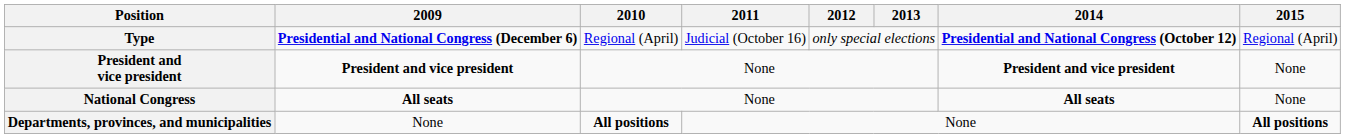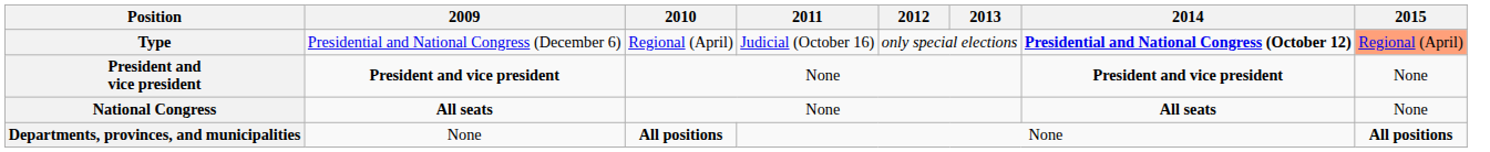 <table class=wikitable style="text-align:center;">
 <tr>
 <th>Position</th>
 <th>2009</th>
 <th>2010</th>
 <th>2011</th>
 <th>2012</th>
 <th>2013</th>
 <th>2014</th>
 <th>2015</th>
 </tr>
 <tr>
 <th>Type</th>
-<td><strong><a href='#'>Presidential and National Congress</a> (December 6)</strong></td>
+<td><a href='#'>Presidential and National Congress</a> (December 6)</td>
 <td><a href='#'>Regional</a> (April)</td>
 <td><a href='#'>Judicial</a> (October 16)</td>
 <td colspan=2><em>only special elections</em></td>
 <td><strong><a href='#'>Presidential and National Congress</a> (October 12)</strong></td>
-<td><a href='#'>Regional</a> (April)</td>
+<td style="background: lightsalmon;"><a href='#'>Regional</a> (April)</td>
 </tr>
 <tr>
 <th>President and<br>vice president</th>
 <td><strong>President and vice president</strong></td>
 <td colspan=4>None</td>
 <td><strong>President and vice president</strong></td>
 <td>None</td>
 </tr>
 <tr>
 <th>National Congress</th>
 <td><strong>All seats</strong></td>
 <td colspan=4>None</td>
 <td><strong>All seats</strong></td>
 <td>None</td>
 </tr>
 <tr>
 <th>Departments, provinces, and municipalities</th>
 <td>None</td>
 <td><strong>All positions</strong></td>
 <td colspan=4>None</td>
 <td><strong>All positions</strong></td>
 </tr>
 </table>
